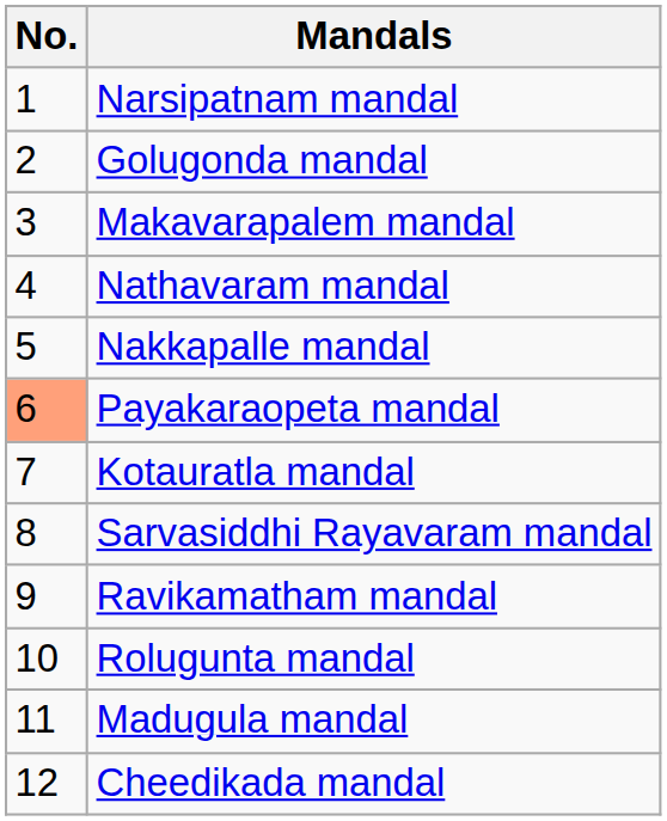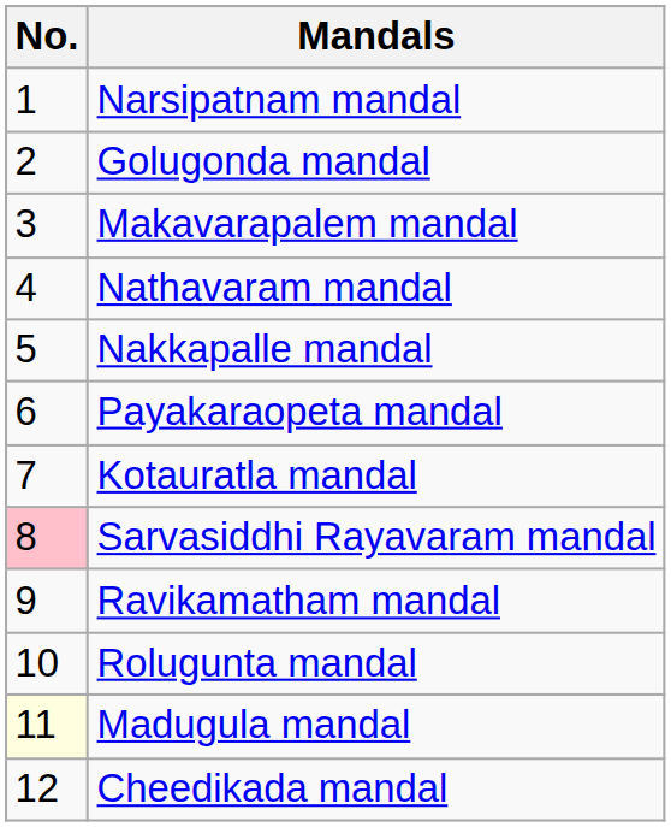 <table class="wikitable">
 <tr>
 <th>No.</th>
 <th>Mandals</th>
 </tr>
 <tr>
 <td>1</td>
 <td><a href='#'>Narsipatnam mandal</a></td>
 </tr>
 <tr>
 <td>2</td>
 <td><a href='#'>Golugonda mandal</a></td>
 </tr>
 <tr>
 <td>3</td>
 <td><a href='#'>Makavarapalem mandal</a></td>
 </tr>
 <tr>
 <td>4</td>
 <td><a href='#'>Nathavaram mandal</a></td>
 </tr>
 <tr>
 <td>5</td>
 <td><a href='#'>Nakkapalle mandal</a></td>
 </tr>
 <tr>
-<td style="background: lightsalmon;">6</td>
+<td>6</td>
 <td><a href='#'>Payakaraopeta mandal</a></td>
 </tr>
 <tr>
 <td>7</td>
 <td><a href='#'>Kotauratla mandal</a></td>
 </tr>
 <tr>
-<td>8</td>
+<td style="background: pink;">8</td>
 <td><a href='#'>Sarvasiddhi Rayavaram mandal</a></td>
 </tr>
 <tr>
 <td>9</td>
 <td><a href='#'>Ravikamatham mandal</a></td>
 </tr>
 <tr>
 <td>10</td>
 <td><a href='#'>Rolugunta mandal</a></td>
 </tr>
 <tr>
-<td>11</td>
+<td style="background: lightyellow;">11</td>
 <td><a href='#'>Madugula mandal</a></td>
 </tr>
 <tr>
 <td>12</td>
 <td><a href='#'>Cheedikada mandal</a></td>
 </tr>
 </table>
